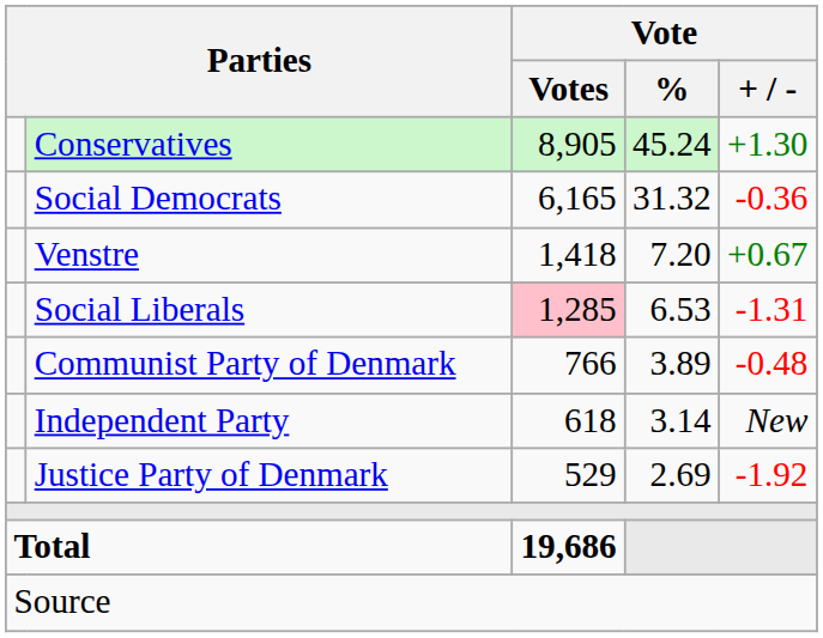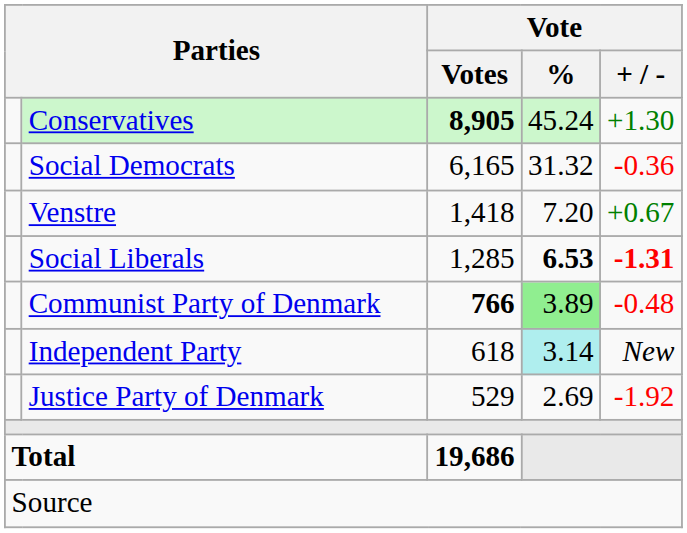 <table class="wikitable" style="text-align:right;">
 <tr>
 <th style="text-align:centre;" rowspan="2" colspan="2" width="225">Parties</th>
 <th colspan="3">Vote</th>
 </tr>
 <tr>
 <th width="15">Votes</th>
 <th width="15">%</th>
 <th width="15">+ / -</th>
 </tr>
 <tr>
 <td width="2" style="color:inherit;background:"></td>
 <td bgcolor=#ccf7cc  align="left"><a href='#'>Conservatives</a></td>
-<td bgcolor=#ccf7cc>8,905</td>
+<td bgcolor=#ccf7cc><strong>8,905</strong></td>
 <td bgcolor=#ccf7cc>45.24</td>
 <td style=color:green;>+1.30</td>
 </tr>
 <tr>
 <td width="2" style="color:inherit;background:"></td>
 <td align="left"><a href='#'>Social Democrats</a></td>
 <td>6,165</td>
 <td>31.32</td>
 <td style=color:red;>-0.36</td>
 </tr>
 <tr>
 <td width="2" style="color:inherit;background:"></td>
 <td align="left"><a href='#'>Venstre</a></td>
 <td>1,418</td>
 <td>7.20</td>
 <td style=color:green;>+0.67</td>
 </tr>
 <tr>
 <td width="2" style="color:inherit;background:"></td>
 <td align="left"><a href='#'>Social Liberals</a></td>
-<td style="background: pink;">1,285</td>
-<td>6.53</td>
-<td style=color:red;>-1.31</td>
+<td>1,285</td>
+<td><strong>6.53</strong></td>
+<td style=color:red;><strong>-1.31</strong></td>
 </tr>
 <tr>
 <td width="2" style="color:inherit;background:"></td>
 <td align="left"><a href='#'>Communist Party of Denmark</a></td>
-<td>766</td>
-<td>3.89</td>
+<td><strong>766</strong></td>
+<td style="background: lightgreen;">3.89</td>
 <td style=color:red;>-0.48</td>
 </tr>
 <tr>
 <td width="2" style="color:inherit;background:"></td>
 <td align="left"><a href='#'>Independent Party</a></td>
 <td>618</td>
-<td>3.14</td>
+<td style="background: paleturquoise;">3.14</td>
 <td><em>New</em></td>
 </tr>
 <tr>
 <td width="2" style="color:inherit;background:"></td>
 <td align="left"><a href='#'>Justice Party of Denmark</a></td>
 <td>529</td>
 <td>2.69</td>
 <td style=color:red;>-1.92</td>
 </tr>
 <tr>
 <td colspan="7" bgcolor="#E9E9E9"></td>
 </tr>
 <tr>
 <td align="left" colspan="2"><strong>Total</strong></td>
 <td><strong>19,686</strong></td>
 <td bgcolor="#E9E9E9" colspan="2"></td>
 </tr>
 <tr>
 <td align="left" colspan="6">Source</td>
 </tr>
 </table>
